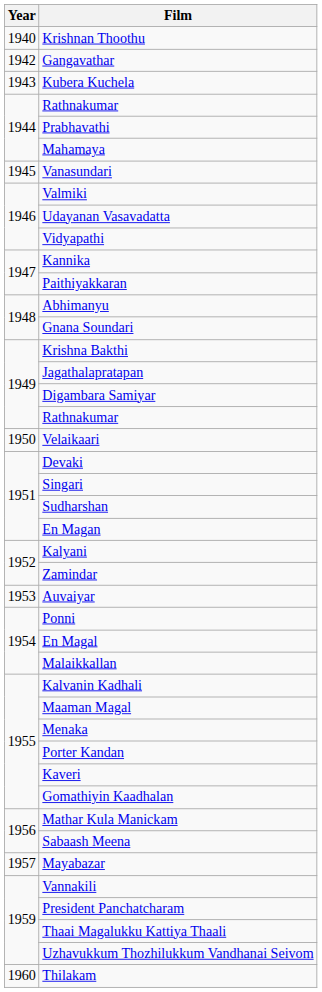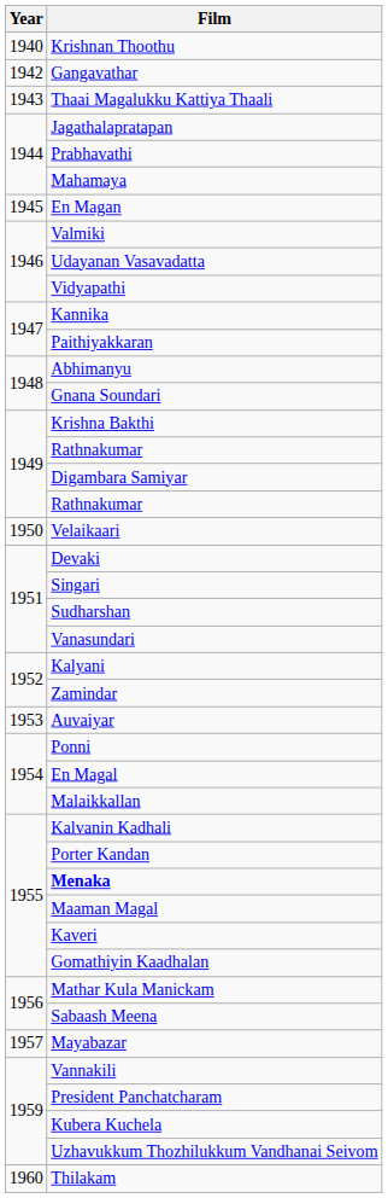 <table class="wikitable">
 <tr>
 <th>Year</th>
 <th>Film</th>
 </tr>
 <tr>
 <td>1940</td>
 <td><a href='#'>Krishnan Thoothu</a></td>
 </tr>
 <tr>
 <td>1942</td>
 <td><a href='#'>Gangavathar</a></td>
 </tr>
 <tr>
 <td>1943</td>
-<td><a href='#'>Kubera Kuchela</a></td>
+<td><a href='#'>Thaai Magalukku Kattiya Thaali</a></td>
 </tr>
 <tr>
 <td rowspan="3">1944</td>
-<td><a href='#'>Rathnakumar</a></td>
+<td><a href='#'>Jagathalapratapan</a></td>
 </tr>
 <tr>
 <td><a href='#'>Prabhavathi</a></td>
 </tr>
 <tr>
 <td><a href='#'>Mahamaya</a></td>
 </tr>
 <tr>
 <td>1945</td>
-<td><a href='#'>Vanasundari</a></td>
+<td><a href='#'>En Magan</a></td>
 </tr>
 <tr>
 <td rowspan="3">1946</td>
 <td><a href='#'>Valmiki</a></td>
 </tr>
 <tr>
 <td><a href='#'>Udayanan Vasavadatta</a></td>
 </tr>
 <tr>
 <td><a href='#'>Vidyapathi</a></td>
 </tr>
 <tr>
 <td rowspan="2">1947</td>
 <td><a href='#'>Kannika</a></td>
 </tr>
 <tr>
 <td><a href='#'>Paithiyakkaran</a></td>
 </tr>
 <tr>
 <td rowspan="2">1948</td>
 <td><a href='#'>Abhimanyu</a></td>
 </tr>
 <tr>
 <td><a href='#'>Gnana Soundari</a></td>
 </tr>
 <tr>
 <td rowspan="4">1949</td>
 <td><a href='#'>Krishna Bakthi</a></td>
 </tr>
 <tr>
-<td><a href='#'>Jagathalapratapan</a></td>
+<td><a href='#'>Rathnakumar</a></td>
 </tr>
 <tr>
 <td><a href='#'>Digambara Samiyar</a></td>
 </tr>
 <tr>
 <td><a href='#'>Rathnakumar</a></td>
 </tr>
 <tr>
 <td>1950</td>
 <td><a href='#'>Velaikaari</a></td>
 </tr>
 <tr>
 <td rowspan="4">1951</td>
 <td><a href='#'>Devaki</a></td>
 </tr>
 <tr>
 <td><a href='#'>Singari</a></td>
 </tr>
 <tr>
 <td><a href='#'>Sudharshan</a></td>
 </tr>
 <tr>
-<td><a href='#'>En Magan</a></td>
+<td><a href='#'>Vanasundari</a></td>
 </tr>
 <tr>
 <td rowspan="2">1952</td>
 <td><a href='#'>Kalyani</a></td>
 </tr>
 <tr>
 <td><a href='#'>Zamindar</a></td>
 </tr>
 <tr>
 <td>1953</td>
 <td><a href='#'>Auvaiyar</a></td>
 </tr>
 <tr>
 <td rowspan="3">1954</td>
 <td><a href='#'>Ponni</a></td>
 </tr>
 <tr>
 <td><a href='#'>En Magal</a></td>
 </tr>
 <tr>
 <td><a href='#'>Malaikkallan</a></td>
 </tr>
 <tr>
 <td rowspan="6">1955</td>
 <td><a href='#'>Kalvanin Kadhali</a></td>
 </tr>
 <tr>
-<td><a href='#'>Maaman Magal</a></td>
+<td><a href='#'>Porter Kandan</a></td>
 </tr>
 <tr>
-<td><a href='#'>Menaka</a></td>
+<td><strong><a href='#'>Menaka</a></strong></td>
 </tr>
 <tr>
-<td><a href='#'>Porter Kandan</a></td>
+<td><a href='#'>Maaman Magal</a></td>
 </tr>
 <tr>
 <td><a href='#'>Kaveri</a></td>
 </tr>
 <tr>
 <td><a href='#'>Gomathiyin Kaadhalan</a></td>
 </tr>
 <tr>
 <td rowspan="2">1956</td>
 <td><a href='#'>Mathar Kula Manickam</a></td>
 </tr>
 <tr>
 <td><a href='#'>Sabaash Meena</a></td>
 </tr>
 <tr>
 <td>1957</td>
 <td><a href='#'>Mayabazar</a></td>
 </tr>
 <tr>
 <td rowspan="4">1959</td>
 <td><a href='#'>Vannakili</a></td>
 </tr>
 <tr>
 <td><a href='#'>President Panchatcharam</a></td>
 </tr>
 <tr>
-<td><a href='#'>Thaai Magalukku Kattiya Thaali</a></td>
+<td><a href='#'>Kubera Kuchela</a></td>
 </tr>
 <tr>
 <td><a href='#'>Uzhavukkum Thozhilukkum Vandhanai Seivom</a></td>
 </tr>
 <tr>
 <td>1960</td>
 <td><a href='#'>Thilakam</a></td>
 </tr>
 </table>
